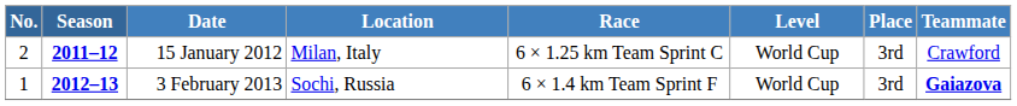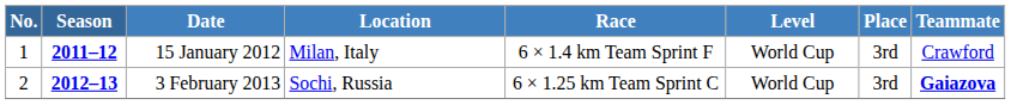 <table class="wikitable sortable" style="font-size:95%; text-align:center; border:grey solid 1px; border-collapse:collapse; background:#ffffff;">
 <tr style="background:#efefef;">
 <th style="background-color:#369; color:white;">No.</th>
 <th style="background-color:#369; color:white;">Season</th>
 <th style="background-color:#4180be; color:white; width:120px;">Date</th>
 <th style="background-color:#4180be; color:white; width:170px;">Location</th>
 <th style="background-color:#4180be; color:white; width:170px;">Race</th>
 <th style="background-color:#4180be; color:white; width:100px;">Level</th>
 <th style="background-color:#4180be; color:white;">Place</th>
 <th style="background-color:#4180be; color:white;">Teammate</th>
 </tr>
 <tr>
-<td align=center>2</td>
+<td align=center>1</td>
 <td rowspan=1 align=center><strong> <a href='#'>2011–12</a> </strong></td>
 <td align=right>15 January 2012</td>
 <td align=left> <a href='#'>Milan</a>, Italy</td>
-<td>6 × 1.25 km Team Sprint C</td>
+<td>6 × 1.4 km Team Sprint F</td>
 <td>World Cup</td>
 <td>3rd</td>
 <td><a href='#'>Crawford</a></td>
 </tr>
 <tr>
-<td align=center>1</td>
+<td align=center>2</td>
 <td rowspan=1 align=center><strong> <a href='#'>2012–13</a> </strong></td>
 <td align=right>3 February 2013</td>
 <td align=left> <a href='#'>Sochi</a>, Russia</td>
-<td>6 × 1.4 km Team Sprint F</td>
+<td>6 × 1.25 km Team Sprint C</td>
 <td>World Cup</td>
 <td>3rd</td>
 <td><strong><a href='#'>Gaiazova</a></strong></td>
 </tr>
 <tr>
 </tr>
 </table>
